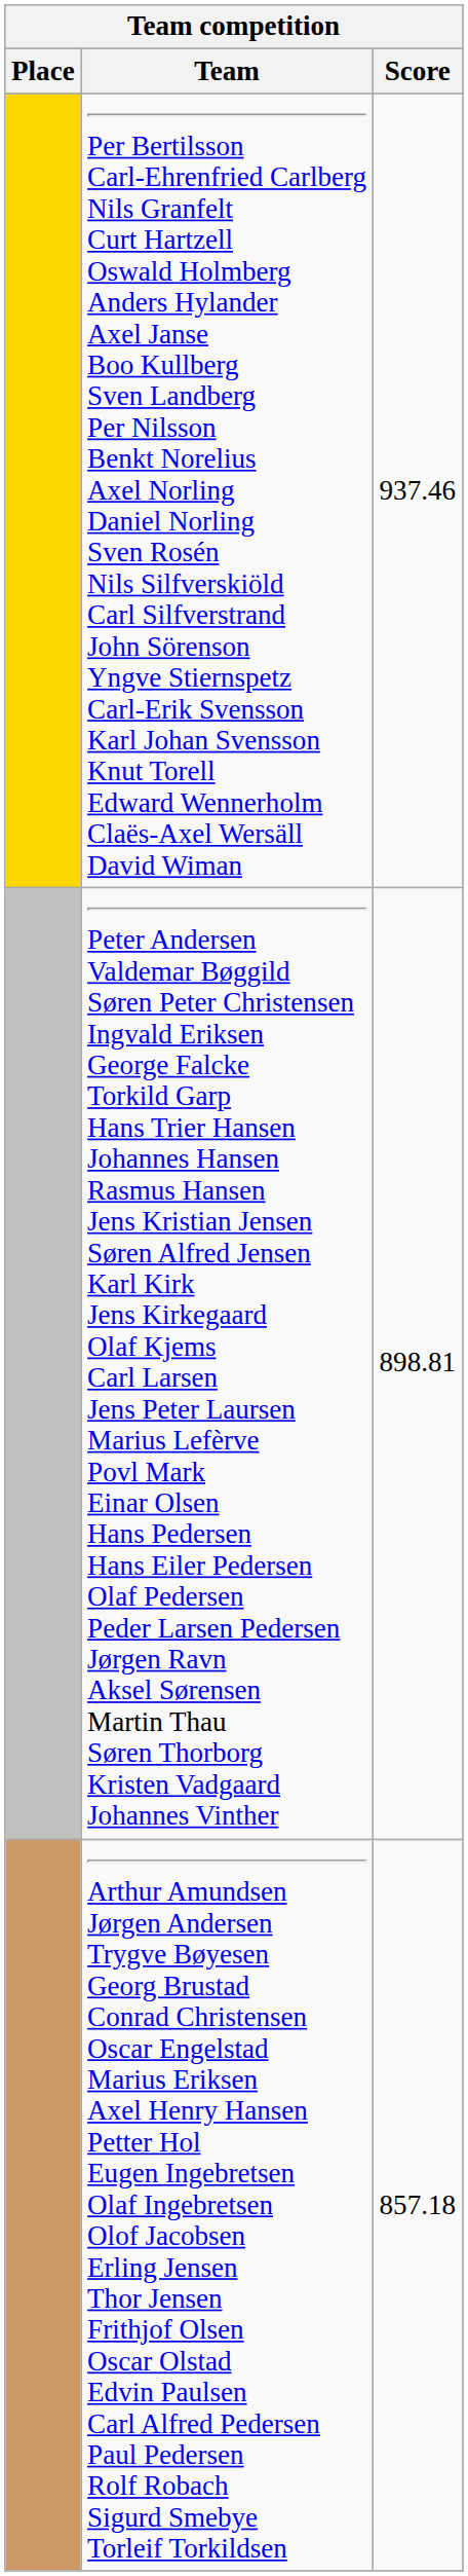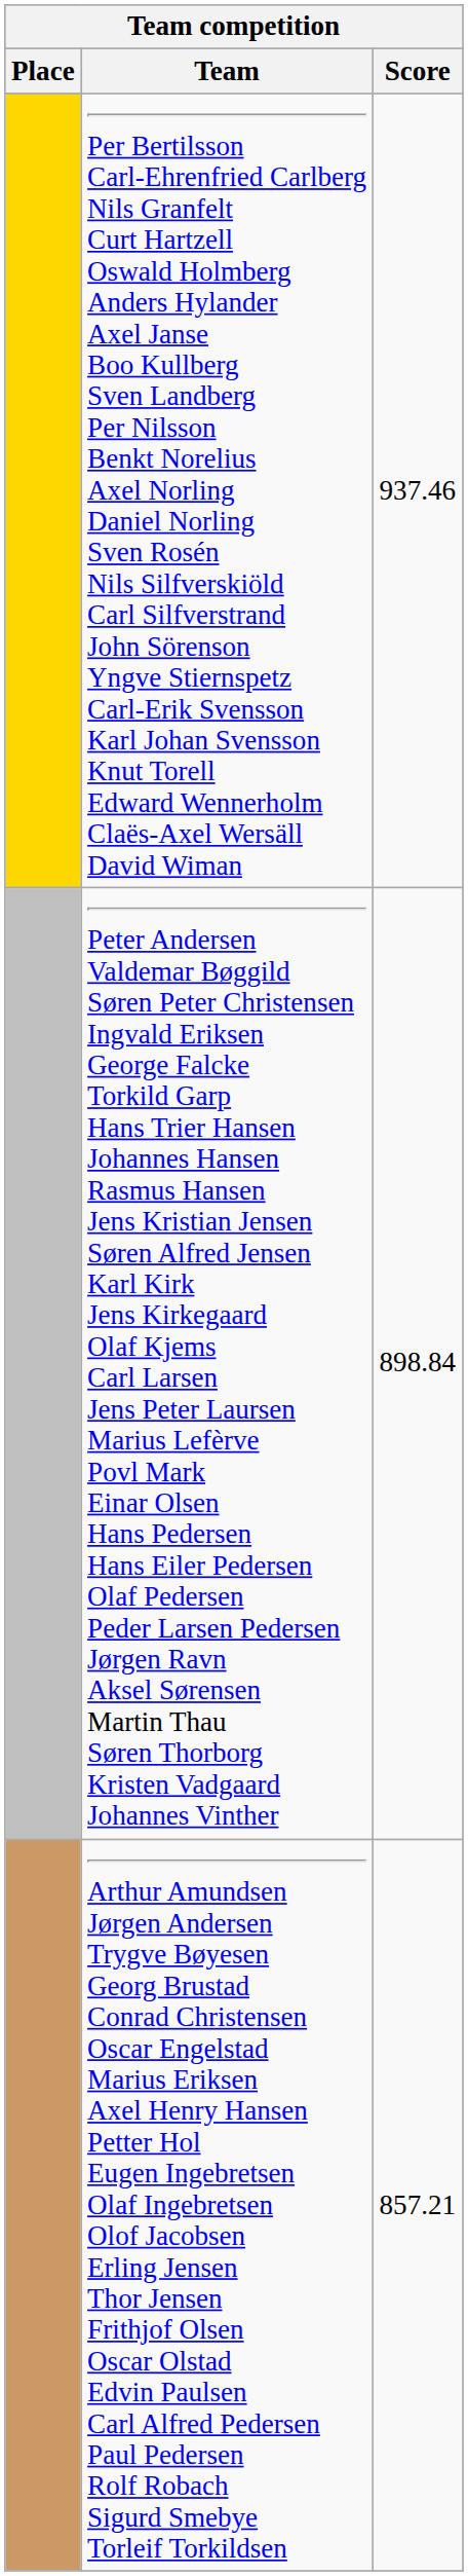 <table class=wikitable style="text-align:center">
 <tr>
 <th colspan=3>Team competition</th>
 </tr>
 <tr>
 <th>Place</th>
 <th>Team</th>
 <th>Score</th>
 </tr>
 <tr>
 <td bgcolor=gold></td>
 <td align=left><hr><a href='#'>Per Bertilsson</a><br><a href='#'>Carl-Ehrenfried Carlberg</a><br><a href='#'>Nils Granfelt</a><br><a href='#'>Curt Hartzell</a><br><a href='#'>Oswald Holmberg</a><br><a href='#'>Anders Hylander</a><br><a href='#'>Axel Janse</a><br><a href='#'>Boo Kullberg</a><br><a href='#'>Sven Landberg</a><br><a href='#'>Per Nilsson</a><br><a href='#'>Benkt Norelius</a><br><a href='#'>Axel Norling</a><br><a href='#'>Daniel Norling</a><br><a href='#'>Sven Rosén</a><br><a href='#'>Nils Silfverskiöld</a><br><a href='#'>Carl Silfverstrand</a><br><a href='#'>John Sörenson</a><br><a href='#'>Yngve Stiernspetz</a><br><a href='#'>Carl-Erik Svensson</a><br><a href='#'>Karl Johan Svensson</a><br><a href='#'>Knut Torell</a><br><a href='#'>Edward Wennerholm</a><br><a href='#'>Claës-Axel Wersäll</a><br><a href='#'>David Wiman</a></td>
 <td>937.46</td>
 </tr>
 <tr>
 <td bgcolor=silver></td>
 <td align=left><hr><a href='#'>Peter Andersen</a><br><a href='#'>Valdemar Bøggild</a><br><a href='#'>Søren Peter Christensen</a><br><a href='#'>Ingvald Eriksen</a><br><a href='#'>George Falcke</a><br><a href='#'>Torkild Garp</a><br><a href='#'>Hans Trier Hansen</a><br><a href='#'>Johannes Hansen</a><br><a href='#'>Rasmus Hansen</a><br><a href='#'>Jens Kristian Jensen</a><br><a href='#'>Søren Alfred Jensen</a><br><a href='#'>Karl Kirk</a><br><a href='#'>Jens Kirkegaard</a><br><a href='#'>Olaf Kjems</a><br><a href='#'>Carl Larsen</a><br><a href='#'>Jens Peter Laursen</a><br><a href='#'>Marius Lefèrve</a><br><a href='#'>Povl Mark</a><br><a href='#'>Einar Olsen</a><br><a href='#'>Hans Pedersen</a><br><a href='#'>Hans Eiler Pedersen</a><br><a href='#'>Olaf Pedersen</a><br><a href='#'>Peder Larsen Pedersen</a><br><a href='#'>Jørgen Ravn</a><br><a href='#'>Aksel Sørensen</a><br>Martin Thau<br><a href='#'>Søren Thorborg</a><br><a href='#'>Kristen Vadgaard</a><br><a href='#'>Johannes Vinther</a></td>
-<td>898.81</td>
+<td>898.84</td>
 </tr>
 <tr>
 <td bgcolor=cc9966></td>
 <td align=left><hr><a href='#'>Arthur Amundsen</a><br><a href='#'>Jørgen Andersen</a><br><a href='#'>Trygve Bøyesen</a><br><a href='#'>Georg Brustad</a><br><a href='#'>Conrad Christensen</a><br><a href='#'>Oscar Engelstad</a><br><a href='#'>Marius Eriksen</a><br><a href='#'>Axel Henry Hansen</a><br><a href='#'>Petter Hol</a><br><a href='#'>Eugen Ingebretsen</a><br><a href='#'>Olaf Ingebretsen</a><br><a href='#'>Olof Jacobsen</a><br><a href='#'>Erling Jensen</a><br><a href='#'>Thor Jensen</a><br><a href='#'>Frithjof Olsen</a><br><a href='#'>Oscar Olstad</a><br><a href='#'>Edvin Paulsen</a><br><a href='#'>Carl Alfred Pedersen</a><br><a href='#'>Paul Pedersen</a><br><a href='#'>Rolf Robach</a><br><a href='#'>Sigurd Smebye</a><br><a href='#'>Torleif Torkildsen</a></td>
-<td>857.18</td>
+<td>857.21</td>
 </tr>
 </table>
